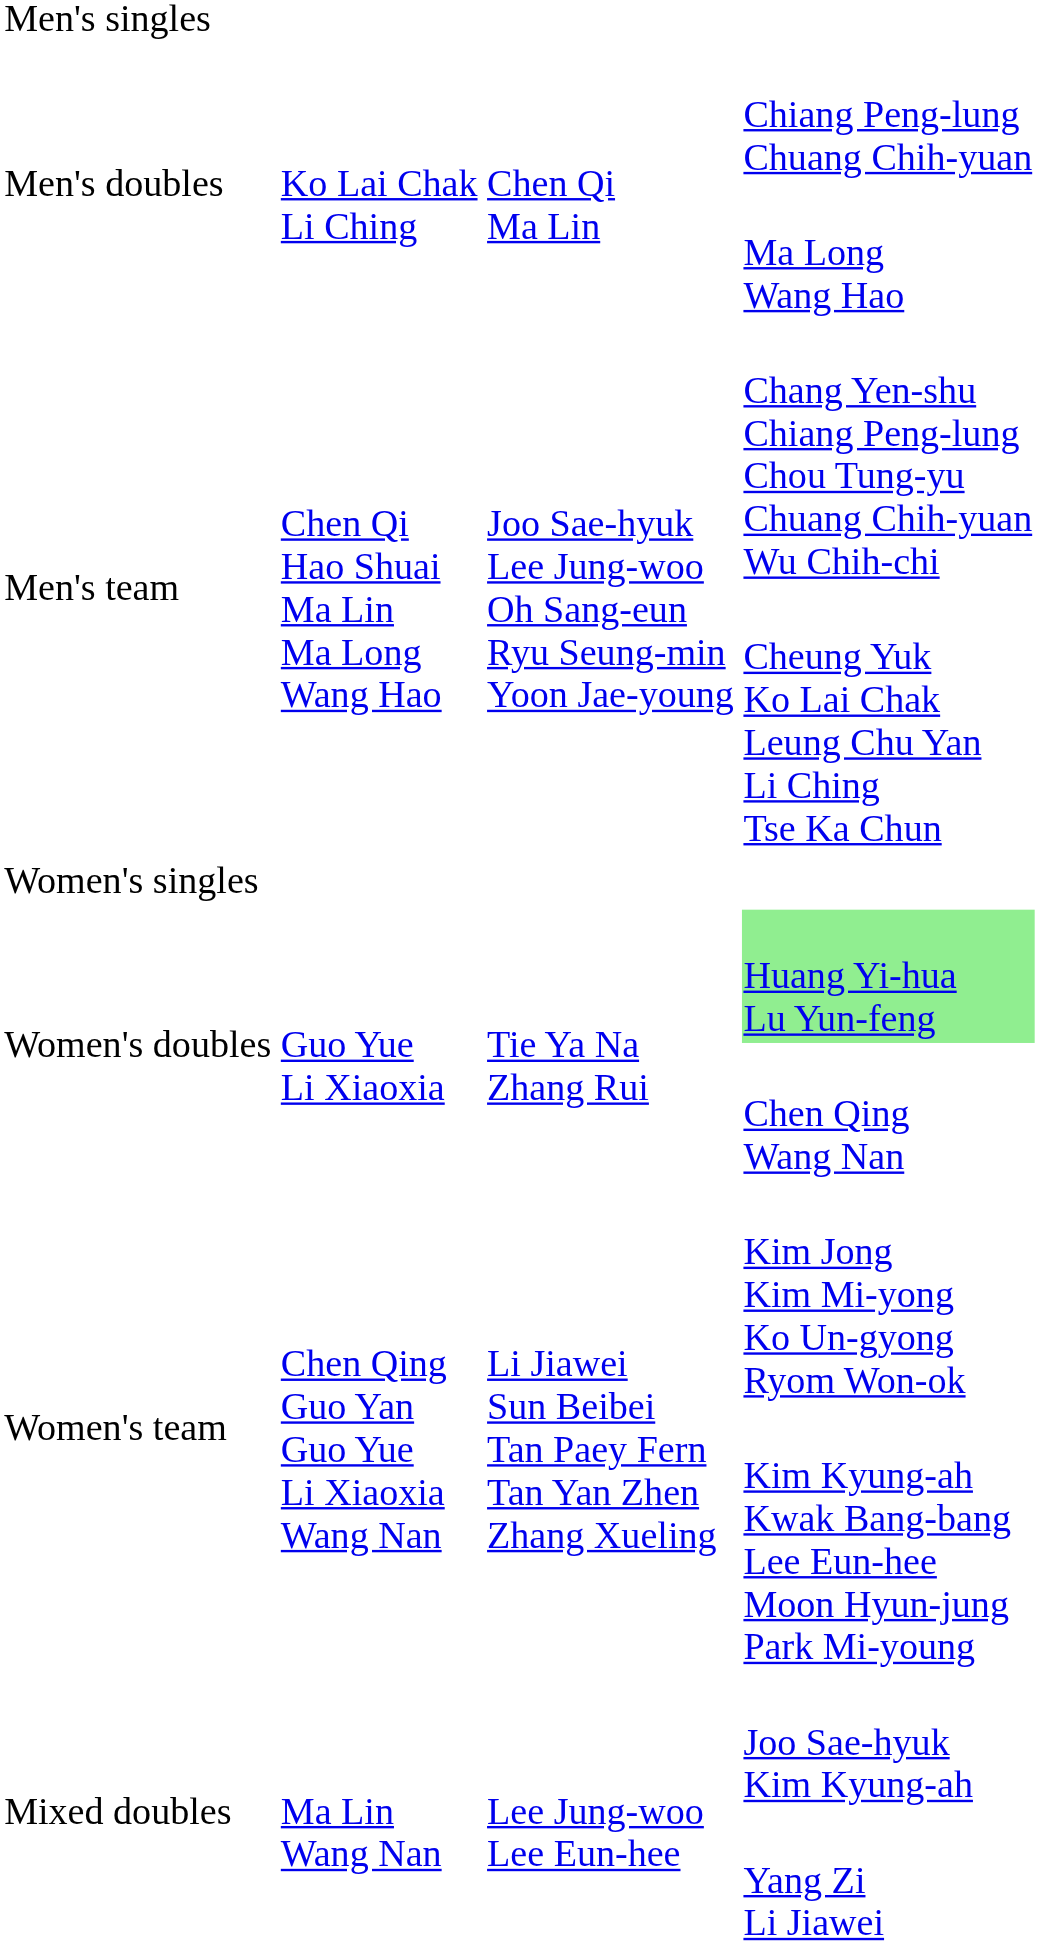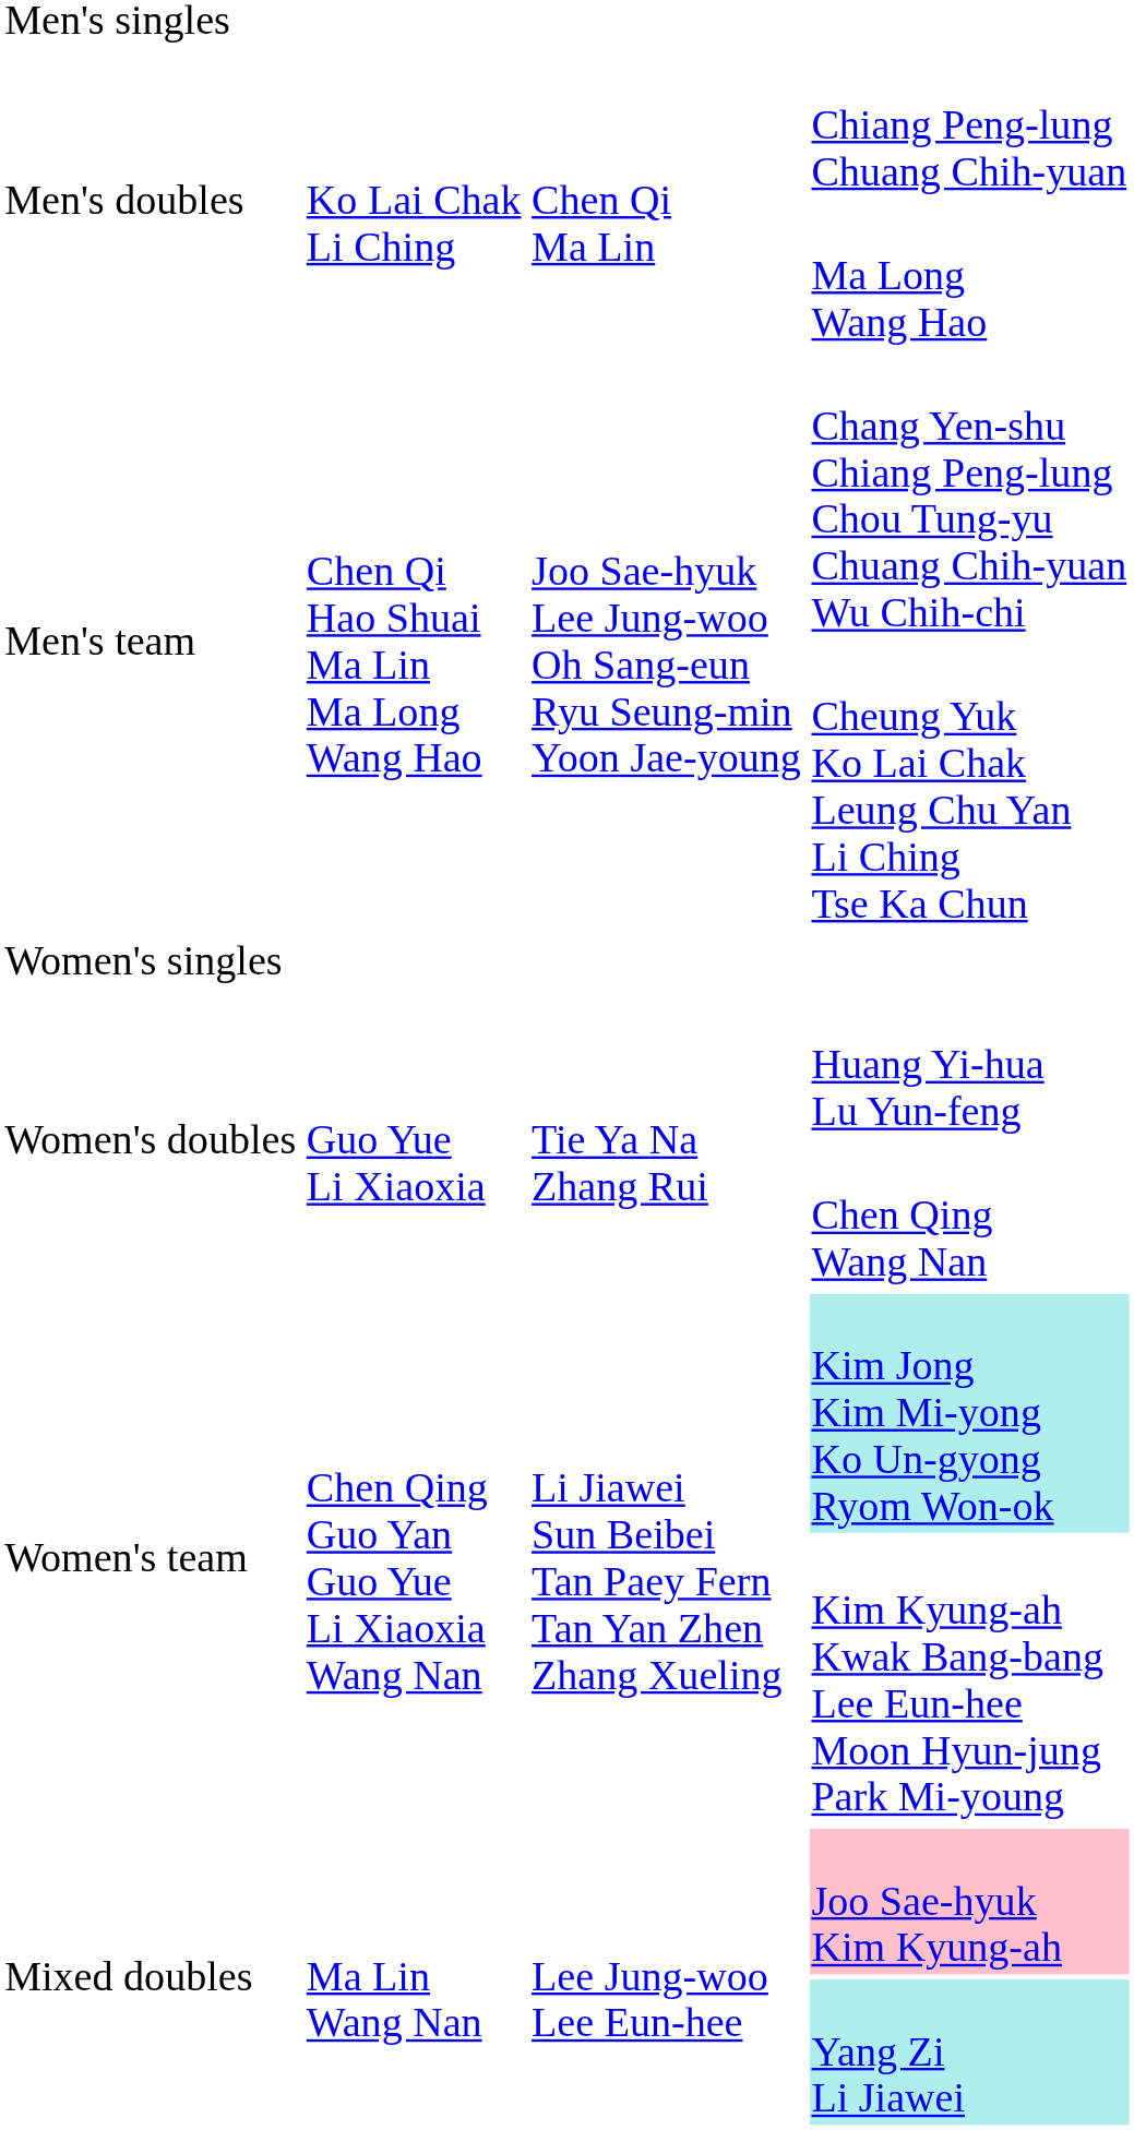 <table>
 <tr>
 <td rowspan=2>Men's singles<br></td>
 <td rowspan=2></td>
 <td rowspan=2></td>
 <td></td>
 </tr>
 <tr>
 <td></td>
 </tr>
 <tr>
 <td rowspan=2>Men's doubles<br></td>
 <td rowspan=2><br><a href='#'>Ko Lai Chak</a><br><a href='#'>Li Ching</a></td>
 <td rowspan=2><br><a href='#'>Chen Qi</a><br><a href='#'>Ma Lin</a></td>
 <td><br><a href='#'>Chiang Peng-lung</a><br><a href='#'>Chuang Chih-yuan</a></td>
 </tr>
 <tr>
 <td><br><a href='#'>Ma Long</a><br><a href='#'>Wang Hao</a></td>
 </tr>
 <tr>
 <td rowspan=2>Men's team<br></td>
 <td rowspan=2><br><a href='#'>Chen Qi</a><br><a href='#'>Hao Shuai</a><br><a href='#'>Ma Lin</a><br><a href='#'>Ma Long</a><br><a href='#'>Wang Hao</a></td>
 <td rowspan=2><br><a href='#'>Joo Sae-hyuk</a><br><a href='#'>Lee Jung-woo</a><br><a href='#'>Oh Sang-eun</a><br><a href='#'>Ryu Seung-min</a><br><a href='#'>Yoon Jae-young</a></td>
 <td><br><a href='#'>Chang Yen-shu</a><br><a href='#'>Chiang Peng-lung</a><br><a href='#'>Chou Tung-yu</a><br><a href='#'>Chuang Chih-yuan</a><br><a href='#'>Wu Chih-chi</a></td>
 </tr>
 <tr>
 <td><br><a href='#'>Cheung Yuk</a><br><a href='#'>Ko Lai Chak</a><br><a href='#'>Leung Chu Yan</a><br><a href='#'>Li Ching</a><br><a href='#'>Tse Ka Chun</a></td>
 </tr>
 <tr>
 <td rowspan=2>Women's singles<br></td>
 <td rowspan=2></td>
 <td rowspan=2></td>
 <td></td>
 </tr>
 <tr>
 <td></td>
 </tr>
 <tr>
 <td rowspan=2>Women's doubles<br></td>
 <td rowspan=2><br><a href='#'>Guo Yue</a><br><a href='#'>Li Xiaoxia</a></td>
 <td rowspan=2><br><a href='#'>Tie Ya Na</a><br><a href='#'>Zhang Rui</a></td>
-<td style="background: lightgreen;"><br><a href='#'>Huang Yi-hua</a><br><a href='#'>Lu Yun-feng</a></td>
+<td><br><a href='#'>Huang Yi-hua</a><br><a href='#'>Lu Yun-feng</a></td>
 </tr>
 <tr>
 <td><br><a href='#'>Chen Qing</a><br><a href='#'>Wang Nan</a></td>
 </tr>
 <tr>
 <td rowspan=2>Women's team<br></td>
 <td rowspan=2><br><a href='#'>Chen Qing</a><br><a href='#'>Guo Yan</a><br><a href='#'>Guo Yue</a><br><a href='#'>Li Xiaoxia</a><br><a href='#'>Wang Nan</a></td>
 <td rowspan=2><br><a href='#'>Li Jiawei</a><br><a href='#'>Sun Beibei</a><br><a href='#'>Tan Paey Fern</a><br><a href='#'>Tan Yan Zhen</a><br><a href='#'>Zhang Xueling</a></td>
-<td><br><a href='#'>Kim Jong</a><br><a href='#'>Kim Mi-yong</a><br><a href='#'>Ko Un-gyong</a><br><a href='#'>Ryom Won-ok</a></td>
+<td style="background: paleturquoise;"><br><a href='#'>Kim Jong</a><br><a href='#'>Kim Mi-yong</a><br><a href='#'>Ko Un-gyong</a><br><a href='#'>Ryom Won-ok</a></td>
 </tr>
 <tr>
 <td><br><a href='#'>Kim Kyung-ah</a><br><a href='#'>Kwak Bang-bang</a><br><a href='#'>Lee Eun-hee</a><br><a href='#'>Moon Hyun-jung</a><br><a href='#'>Park Mi-young</a></td>
 </tr>
 <tr>
 <td rowspan=2>Mixed doubles<br></td>
 <td rowspan=2><br><a href='#'>Ma Lin</a><br><a href='#'>Wang Nan</a></td>
 <td rowspan=2><br><a href='#'>Lee Jung-woo</a><br><a href='#'>Lee Eun-hee</a></td>
-<td><br><a href='#'>Joo Sae-hyuk</a><br> <a href='#'>Kim Kyung-ah</a></td>
+<td style="background: pink;"><br><a href='#'>Joo Sae-hyuk</a><br> <a href='#'>Kim Kyung-ah</a></td>
 </tr>
 <tr>
-<td><br><a href='#'>Yang Zi</a><br><a href='#'>Li Jiawei</a></td>
+<td style="background: paleturquoise;"><br><a href='#'>Yang Zi</a><br><a href='#'>Li Jiawei</a></td>
 </tr>
 </table>
